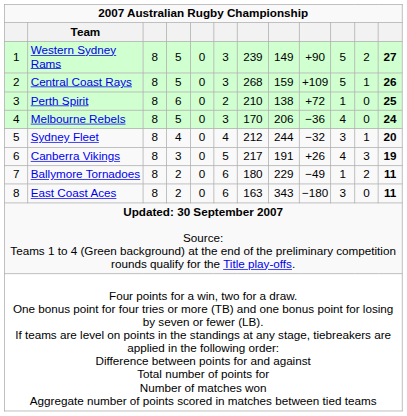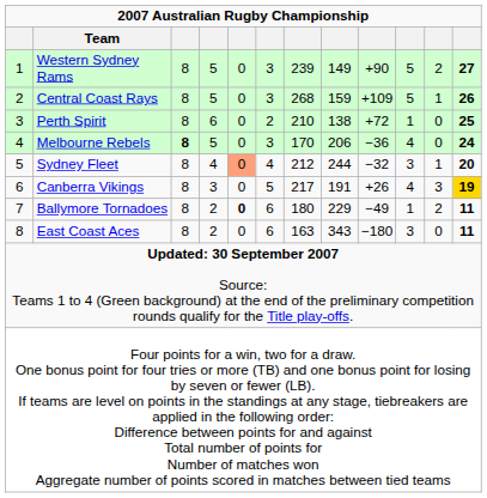 <table class="wikitable" style="text-align: center;">
 <tr bgcolor="#f9f9f9">
 <td colspan="15" cellpadding="0" cellspacing="0"><strong>2007 Australian Rugby Championship</strong></td>
 </tr>
 <tr style="font-weight: bold;">
 <th style="width:25px;"></th>
 <th style="width:150px;">Team</th>
 <th style="width:25px;"></th>
 <th style="width:25px;"></th>
 <th style="width:25px;"></th>
 <th style="width:25px;"></th>
 <th style="width:35px;"></th>
 <th style="width:35px;"></th>
 <th style="width:35px;"></th>
 <th style="width:25px;"></th>
 <th style="width:25px;"></th>
 <th style="width:25px;"></th>
 </tr>
 <tr bgcolor=#d0ffd0>
 <td>1</td>
 <td align=left><a href='#'>Western Sydney Rams</a></td>
 <td>8</td>
 <td>5</td>
 <td>0</td>
 <td>3</td>
 <td>239</td>
 <td>149</td>
 <td>+90</td>
 <td>5</td>
 <td>2</td>
 <td><strong>27</strong></td>
 </tr>
 <tr bgcolor=#d0ffd0>
 <td>2</td>
 <td align=left><a href='#'>Central Coast Rays</a></td>
 <td>8</td>
 <td>5</td>
 <td>0</td>
 <td>3</td>
 <td>268</td>
 <td>159</td>
 <td>+109</td>
 <td>5</td>
 <td>1</td>
 <td><strong>26</strong></td>
 </tr>
 <tr bgcolor=#d0ffd0>
 <td>3</td>
 <td align=left><a href='#'>Perth Spirit</a></td>
 <td>8</td>
 <td>6</td>
 <td>0</td>
 <td>2</td>
 <td>210</td>
 <td>138</td>
 <td>+72</td>
 <td>1</td>
 <td>0</td>
 <td><strong>25</strong></td>
 </tr>
 <tr bgcolor=#d0ffd0>
 <td>4</td>
 <td align=left><a href='#'>Melbourne Rebels</a></td>
-<td>8</td>
+<td><strong>8</strong></td>
 <td>5</td>
 <td>0</td>
 <td>3</td>
 <td>170</td>
 <td>206</td>
 <td>−36</td>
 <td>4</td>
 <td>0</td>
 <td><strong>24</strong></td>
 </tr>
 <tr>
 <td>5</td>
 <td align=left><a href='#'>Sydney Fleet</a></td>
 <td>8</td>
 <td>4</td>
-<td>0</td>
+<td style="background: lightsalmon;">0</td>
 <td>4</td>
 <td>212</td>
 <td>244</td>
 <td>−32</td>
 <td>3</td>
 <td>1</td>
 <td><strong>20</strong></td>
 </tr>
 <tr>
 <td>6</td>
 <td align=left><a href='#'>Canberra Vikings</a></td>
 <td>8</td>
 <td>3</td>
 <td>0</td>
 <td>5</td>
 <td>217</td>
 <td>191</td>
 <td>+26</td>
 <td>4</td>
 <td>3</td>
-<td><strong>19</strong></td>
+<td style="background: gold;"><strong>19</strong></td>
 </tr>
 <tr>
 <td>7</td>
 <td align=left><a href='#'>Ballymore Tornadoes</a></td>
 <td>8</td>
 <td>2</td>
-<td>0</td>
+<td><strong>0</strong></td>
 <td>6</td>
 <td>180</td>
 <td>229</td>
 <td>−49</td>
 <td>1</td>
 <td>2</td>
 <td><strong>11</strong></td>
 </tr>
 <tr>
 <td>8</td>
 <td align=left><a href='#'>East Coast Aces</a></td>
 <td>8</td>
 <td>2</td>
 <td>0</td>
 <td>6</td>
 <td>163</td>
 <td>343</td>
 <td>−180</td>
 <td>3</td>
 <td>0</td>
 <td><strong>11</strong></td>
 </tr>
 <tr>
 <td colspan="15" style="border:0px"><strong>Updated: 30 September 2007</strong> <br><br>Source: <br> Teams 1 to 4 <span>(Green background)</span> at the end of the preliminary competition rounds qualify for the <a href='#'>Title play-offs</a>.</td>
 </tr>
 <tr bgcolor="#ffffff">
 <td colspan="15"><br>Four points for a win, two for a draw.<br>One bonus point for four tries or more (TB) and one bonus point for losing by seven or fewer (LB).<br> If teams are level on points in the standings at any stage, tiebreakers are applied in the following order:<br>  Difference between points for and against<br>  Total number of points for<br>  Number of matches won<br>  Aggregate number of points scored in matches between tied teams<br></td>
 </tr>
 </table>
